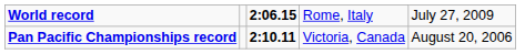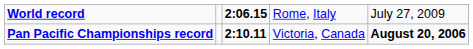 <table class="wikitable">
 <tr>
 <td><strong><a href='#'>World record</a></strong></td>
 <td></td>
 <td><strong>2:06.15</strong></td>
 <td><a href='#'>Rome</a>, <a href='#'>Italy</a></td>
 <td>July 27, 2009</td>
 </tr>
 <tr>
 <td><strong><a href='#'>Pan Pacific Championships record</a></strong></td>
 <td></td>
 <td><strong>2:10.11</strong></td>
 <td><a href='#'>Victoria</a>, <a href='#'>Canada</a></td>
-<td>August 20, 2006</td>
+<td><strong>August 20, 2006</strong></td>
 </tr>
 </table>
